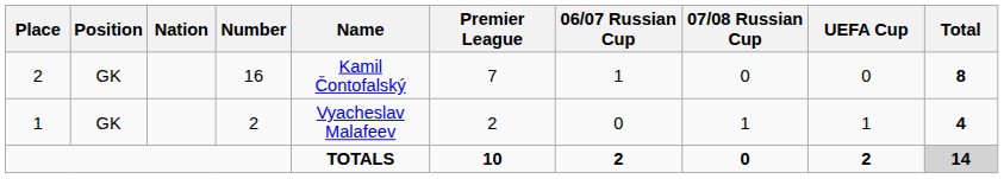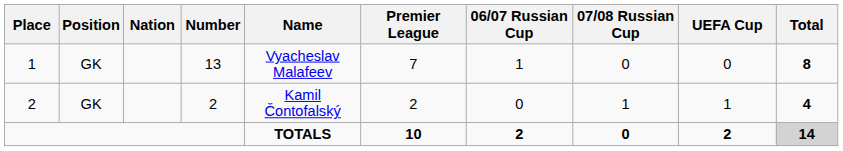 <table class="wikitable" style="font-size: 95%; text-align: center;">
 <tr>
 <th width=60>Place</th>
 <th width=60>Position</th>
 <th width=60>Nation</th>
 <th width=60>Number</th>
 <th width=150>Name</th>
 <th width=150>Premier League</th>
 <th width=150>06/07 Russian Cup</th>
 <th width=150>07/08 Russian Cup</th>
 <th width=150>UEFA Cup</th>
 <th width=80><strong>Total</strong></th>
 </tr>
 <tr>
-<td>2</td>
+<td>1</td>
 <td>GK</td>
 <td></td>
-<td>16</td>
-<td><a href='#'>Kamil Čontofalský</a></td>
+<td>13</td>
+<td><a href='#'>Vyacheslav Malafeev</a></td>
 <td>7</td>
 <td>1</td>
 <td>0</td>
 <td>0</td>
 <td><strong>8</strong></td>
 </tr>
 <tr>
-<td>1</td>
+<td>2</td>
 <td>GK</td>
 <td></td>
 <td>2</td>
-<td><a href='#'>Vyacheslav Malafeev</a></td>
+<td><a href='#'>Kamil Čontofalský</a></td>
 <td>2</td>
 <td>0</td>
 <td>1</td>
 <td>1</td>
 <td><strong>4</strong></td>
 </tr>
 <tr>
 <td colspan="4"></td>
 <td><strong>TOTALS</strong></td>
 <td><strong>10</strong></td>
 <td><strong>2</strong></td>
 <td><strong>0</strong></td>
 <td><strong>2</strong></td>
 <td style="background: lightgrey;"><strong>14</strong></td>
 </tr>
 </table>
